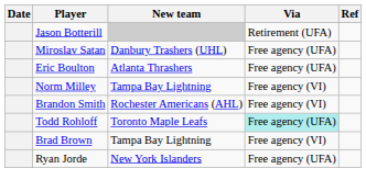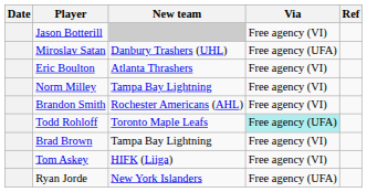 <table class="wikitable plainrowheaders">
 <tr style="background:#ddd; text-align:center;">
 <th>Date</th>
 <th>Player</th>
 <th>New team</th>
 <th>Via</th>
 <th>Ref</th>
 </tr>
 <tr>
 <th scope="row"></th>
 <td><a href='#'>Jason Botterill</a></td>
 <td style="background:#ccc"></td>
-<td>Retirement (UFA)</td>
+<td>Free agency (VI)</td>
 <td></td>
 </tr>
 <tr>
 <th scope="row"></th>
 <td><a href='#'>Miroslav Satan</a></td>
 <td><a href='#'>Danbury Trashers</a> (<a href='#'>UHL</a>)</td>
 <td>Free agency (UFA)</td>
 <td></td>
 </tr>
 <tr>
 <th scope="row"></th>
 <td><a href='#'>Eric Boulton</a></td>
 <td><a href='#'>Atlanta Thrashers</a></td>
-<td>Free agency (UFA)</td>
+<td>Free agency (VI)</td>
 <td></td>
 </tr>
 <tr>
 <th scope="row"></th>
 <td><a href='#'>Norm Milley</a></td>
 <td><a href='#'>Tampa Bay Lightning</a></td>
 <td>Free agency (VI)</td>
 <td></td>
 </tr>
 <tr>
 <th scope="row"></th>
 <td><a href='#'>Brandon Smith</a></td>
 <td><a href='#'>Rochester Americans</a> (<a href='#'>AHL</a>)</td>
 <td>Free agency (VI)</td>
 <td></td>
 </tr>
 <tr>
 <th scope="row"></th>
 <td><a href='#'>Todd Rohloff</a></td>
 <td><a href='#'>Toronto Maple Leafs</a></td>
 <td style="background: paleturquoise;">Free agency (UFA)</td>
 <td></td>
 </tr>
 <tr>
 <th scope="row"></th>
 <td><a href='#'>Brad Brown</a></td>
 <td>Tampa Bay Lightning</td>
 <td>Free agency (VI)</td>
 <td></td>
 </tr>
 <tr>
 <th scope="row"></th>
+<td><a href='#'>Tom Askey</a></td>
+<td><a href='#'>HIFK</a> (<a href='#'>Liiga</a>)</td>
+<td>Free agency (VI)</td>
+<td></td>
+</tr>
+<tr>
+<th scope="row"></th>
 <td>Ryan Jorde</td>
 <td><a href='#'>New York Islanders</a></td>
 <td>Free agency (UFA)</td>
 <td></td>
 </tr>
 </table>
